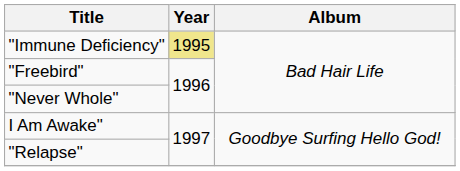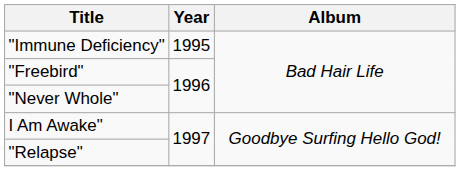 <table class="wikitable" style="text-align:center;">
 <tr>
 <th scope="col">Title</th>
 <th scope="col">Year</th>
 <th scope="col" width="220">Album</th>
 </tr>
 <tr>
 <td align="left">"Immune Deficiency"</td>
-<td style="background: khaki;">1995</td>
+<td>1995</td>
 <td rowspan="3"><em>Bad Hair Life</em></td>
 </tr>
 <tr>
 <td align="left">"Freebird"</td>
 <td rowspan="2">1996</td>
 </tr>
 <tr>
 <td align="left">"Never Whole"</td>
 </tr>
 <tr>
 <td align="left">I Am Awake"</td>
 <td rowspan="2">1997</td>
 <td rowspan="2"><em>Goodbye Surfing Hello God!</em></td>
 </tr>
 <tr>
 <td align="left">"Relapse"</td>
 </tr>
 <tr>
 </tr>
 </table>
